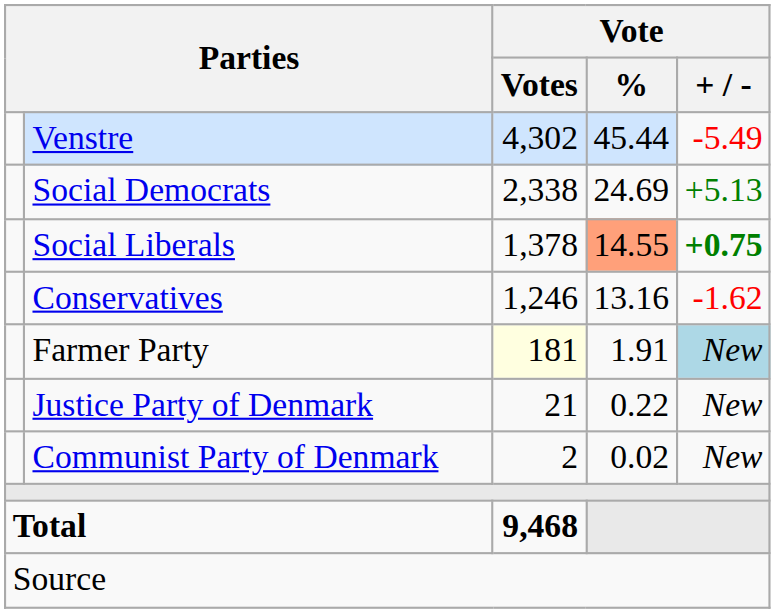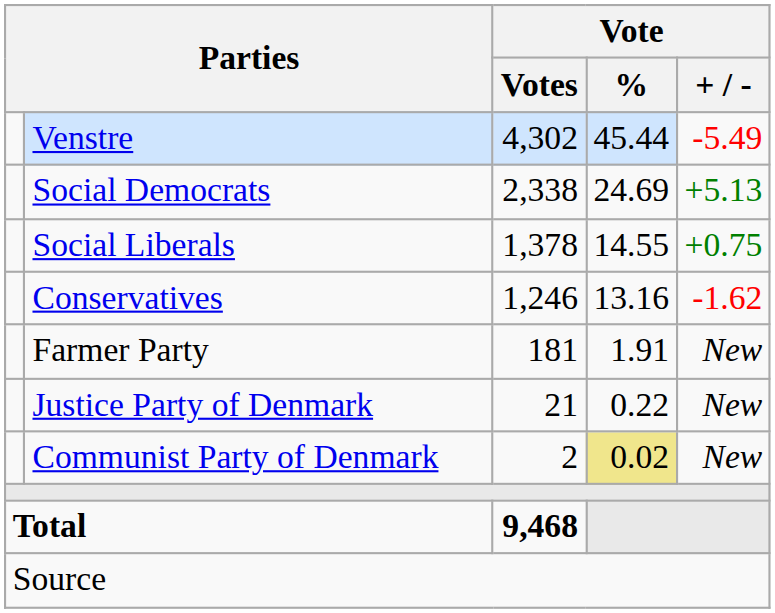 <table class="wikitable" style="text-align:right;">
 <tr>
 <th style="text-align:centre;" rowspan="2" colspan="2" width="225">Parties</th>
 <th colspan="3">Vote</th>
 </tr>
 <tr>
 <th width="15">Votes</th>
 <th width="15">%</th>
 <th width="15">+ / -</th>
 </tr>
 <tr>
 <td width="2" style="color:inherit;background:"></td>
 <td bgcolor=#cfe5fe  align="left"><a href='#'>Venstre</a></td>
 <td bgcolor=#cfe5fe>4,302</td>
 <td bgcolor=#cfe5fe>45.44</td>
 <td style=color:red;>-5.49</td>
 </tr>
 <tr>
 <td width="2" style="color:inherit;background:"></td>
 <td align="left"><a href='#'>Social Democrats</a></td>
 <td>2,338</td>
 <td>24.69</td>
 <td style=color:green;>+5.13</td>
 </tr>
 <tr>
 <td width="2" style="color:inherit;background:"></td>
 <td align="left"><a href='#'>Social Liberals</a></td>
 <td>1,378</td>
-<td style="background: lightsalmon;">14.55</td>
-<td style=color:green;><strong>+0.75</strong></td>
+<td>14.55</td>
+<td style=color:green;>+0.75</td>
 </tr>
 <tr>
 <td width="2" style="color:inherit;background:"></td>
 <td align="left"><a href='#'>Conservatives</a></td>
 <td>1,246</td>
 <td>13.16</td>
 <td style=color:red;>-1.62</td>
 </tr>
 <tr>
 <td width="2" style="color:inherit;background:"></td>
 <td align="left">Farmer Party</td>
-<td style="background: lightyellow;">181</td>
+<td>181</td>
 <td>1.91</td>
-<td style="background: lightblue;"><em>New</em></td>
+<td><em>New</em></td>
 </tr>
 <tr>
 <td width="2" style="color:inherit;background:"></td>
 <td align="left"><a href='#'>Justice Party of Denmark</a></td>
 <td>21</td>
 <td>0.22</td>
 <td><em>New</em></td>
 </tr>
 <tr>
 <td width="2" style="color:inherit;background:"></td>
 <td align="left"><a href='#'>Communist Party of Denmark</a></td>
 <td>2</td>
-<td>0.02</td>
+<td style="background: khaki;">0.02</td>
 <td><em>New</em></td>
 </tr>
 <tr>
 <td colspan="7" bgcolor="#E9E9E9"></td>
 </tr>
 <tr>
 <td align="left" colspan="2"><strong>Total</strong></td>
 <td><strong>9,468</strong></td>
 <td bgcolor="#E9E9E9" colspan="2"></td>
 </tr>
 <tr>
 <td align="left" colspan="6">Source</td>
 </tr>
 </table>
